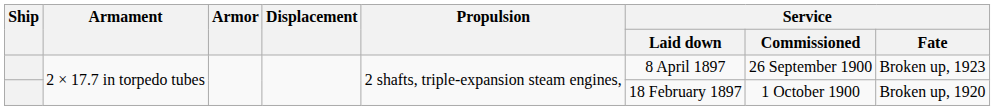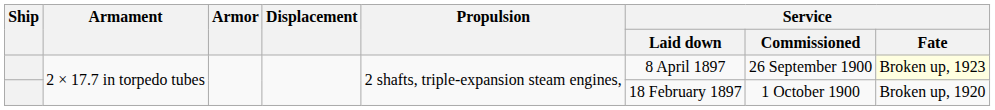 <table class="wikitable plainrowheaders" style="text-align: center;">
 <tr valign="top">
 <th scope="col" rowspan="2">Ship</th>
 <th scope="col" rowspan="2">Armament</th>
 <th scope="col" rowspan="2">Armor</th>
 <th scope="col" rowspan="2">Displacement</th>
 <th scope="col" rowspan="2">Propulsion</th>
 <th scope="col" colspan="3">Service</th>
 </tr>
 <tr valign="top">
 <th scope="col">Laid down</th>
 <th scope="col">Commissioned</th>
 <th scope="col">Fate</th>
 </tr>
 <tr valign="center">
 <th scope="row"></th>
 <td rowspan="2">2 × 17.7 in torpedo tubes</td>
 <td rowspan="2"></td>
 <td rowspan="2"></td>
 <td rowspan="2">2 shafts, triple-expansion steam engines, </td>
 <td>8 April 1897</td>
 <td>26 September 1900</td>
-<td>Broken up, 1923</td>
+<td style="background: lightyellow;">Broken up, 1923</td>
 </tr>
 <tr valign="center">
 <th scope="row"></th>
 <td>18 February 1897</td>
 <td>1 October 1900</td>
 <td>Broken up, 1920</td>
 </tr>
 </table>
